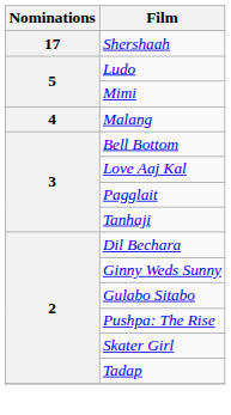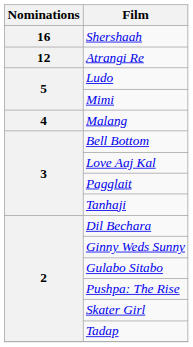 <table class="wikitable" style="display:inline-table;">
 <tr>
 <th>Nominations</th>
 <th>Film</th>
 </tr>
 <tr>
-<th>17</th>
+<th>16</th>
 <td><em><a href='#'>Shershaah</a></em></td>
+</tr>
+<tr>
+<th>12</th>
+<td><em><a href='#'>Atrangi Re</a></em></td>
 </tr>
 <tr>
 <th rowspan="2">5</th>
 <td><em><a href='#'>Ludo</a></em></td>
 </tr>
 <tr>
 <td><em><a href='#'>Mimi</a></em></td>
 </tr>
 <tr>
 <th>4</th>
 <td><em><a href='#'>Malang</a></em></td>
 </tr>
 <tr>
 <th rowspan="4">3</th>
 <td><em><a href='#'>Bell Bottom</a></em></td>
 </tr>
 <tr>
 <td><em><a href='#'>Love Aaj Kal</a></em></td>
 </tr>
 <tr>
 <td><em><a href='#'>Pagglait</a></em></td>
 </tr>
 <tr>
 <td><em><a href='#'>Tanhaji</a></em></td>
 </tr>
 <tr>
 <th rowspan="6">2</th>
 <td><em><a href='#'>Dil Bechara</a></em></td>
 </tr>
 <tr>
 <td><em><a href='#'>Ginny Weds Sunny</a></em></td>
 </tr>
 <tr>
 <td><em><a href='#'>Gulabo Sitabo</a></em></td>
 </tr>
 <tr>
 <td><em><a href='#'>Pushpa: The Rise</a></em></td>
 </tr>
 <tr>
 <td><em><a href='#'>Skater Girl</a></em></td>
 </tr>
 <tr>
 <td><em><a href='#'>Tadap</a></em></td>
 </tr>
 <tr>
 </tr>
 </table>
